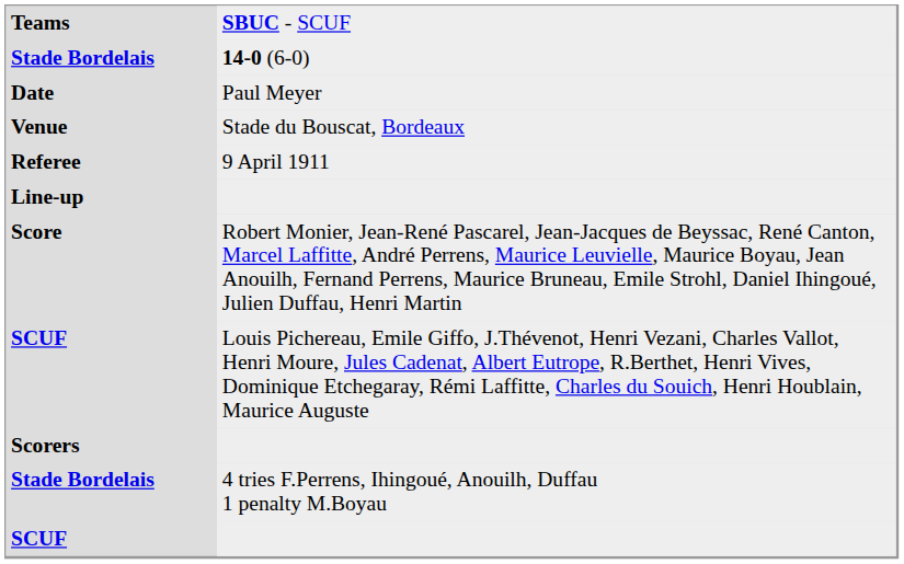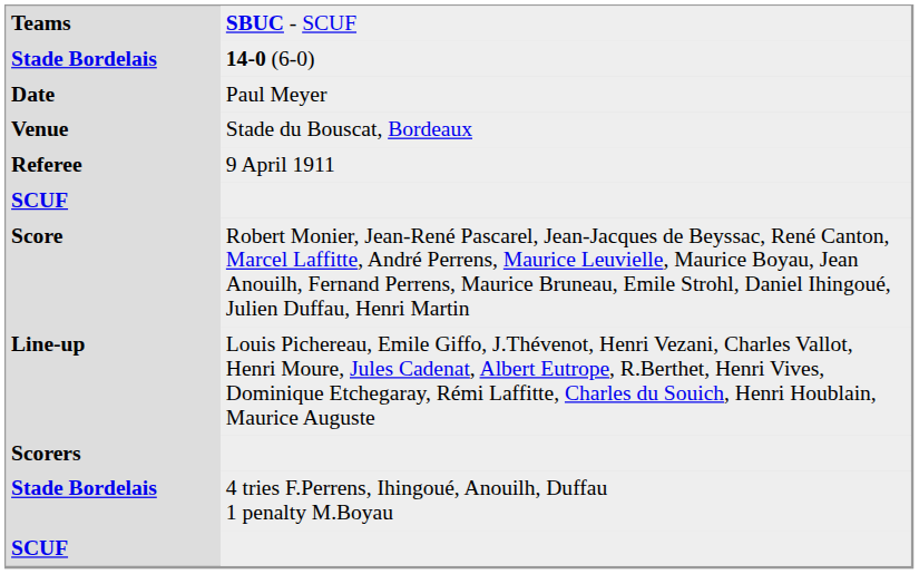 <table align="left" cellpadding="4" cellspacing="0"  style="margin: 0 0 0 0; border: 1px solid #999; border-right-width: 2px; border-bottom-width: 2px; background-color: #DDDDDD">
 <tr>
 <td width="150" valign="top"><strong>Teams</strong></td>
 <td width="500" bgcolor=#EEEEEE><strong><a href='#'>SBUC</a></strong> - <a href='#'>SCUF</a></td>
 </tr>
 <tr>
 <td valign="top"><strong><a href='#'>Stade Bordelais</a> </strong></td>
 <td bgcolor=#EEEEEE><strong>14-0</strong> (6-0)</td>
 </tr>
 <tr>
 <td valign="top"><strong>Date</strong></td>
 <td bgcolor=#EEEEEE>Paul Meyer</td>
 </tr>
 <tr>
 <td valign="top"><strong>Venue</strong></td>
 <td bgcolor=#EEEEEE>Stade du Bouscat, <a href='#'>Bordeaux</a></td>
 </tr>
 <tr>
 <td valign="top"><strong>Referee</strong></td>
 <td bgcolor=#EEEEEE>9 April 1911</td>
 </tr>
 <tr>
-<td valign="top"><strong>Line-up</strong></td>
+<td valign="top"><strong><a href='#'>SCUF</a> </strong></td>
 <td bgcolor=#EEEEEE></td>
 </tr>
 <tr>
 <td valign="top"><strong>Score</strong></td>
 <td bgcolor=#EEEEEE>Robert Monier, Jean-René Pascarel, Jean-Jacques de Beyssac, René Canton, <a href='#'>Marcel Laffitte</a>, André Perrens, <a href='#'>Maurice Leuvielle</a>, Maurice Boyau, Jean Anouilh, Fernand Perrens, Maurice Bruneau, Emile Strohl, Daniel Ihingoué, Julien Duffau, Henri Martin</td>
 </tr>
 <tr>
-<td valign="top"><strong><a href='#'>SCUF</a> </strong></td>
+<td valign="top"><strong>Line-up</strong></td>
 <td bgcolor=#EEEEEE>Louis Pichereau, Emile Giffo, J.Thévenot, Henri Vezani, Charles Vallot, Henri Moure, <a href='#'>Jules Cadenat</a>, <a href='#'>Albert Eutrope</a>, R.Berthet, Henri Vives, Dominique Etchegaray, Rémi Laffitte, <a href='#'>Charles du Souich</a>, Henri Houblain, Maurice Auguste</td>
 </tr>
 <tr>
 <td valign="top"><strong>Scorers</strong></td>
 <td bgcolor=#EEEEEE></td>
 </tr>
 <tr>
 <td valign="top"><strong><a href='#'>Stade Bordelais</a>  </strong></td>
 <td bgcolor=#EEEEEE>4 tries F.Perrens, Ihingoué, Anouilh, Duffau<br>1 penalty M.Boyau</td>
 </tr>
 <tr>
 <td valign="top"><strong><a href='#'>SCUF</a> </strong></td>
 <td bgcolor=#EEEEEE></td>
 </tr>
 </table>
